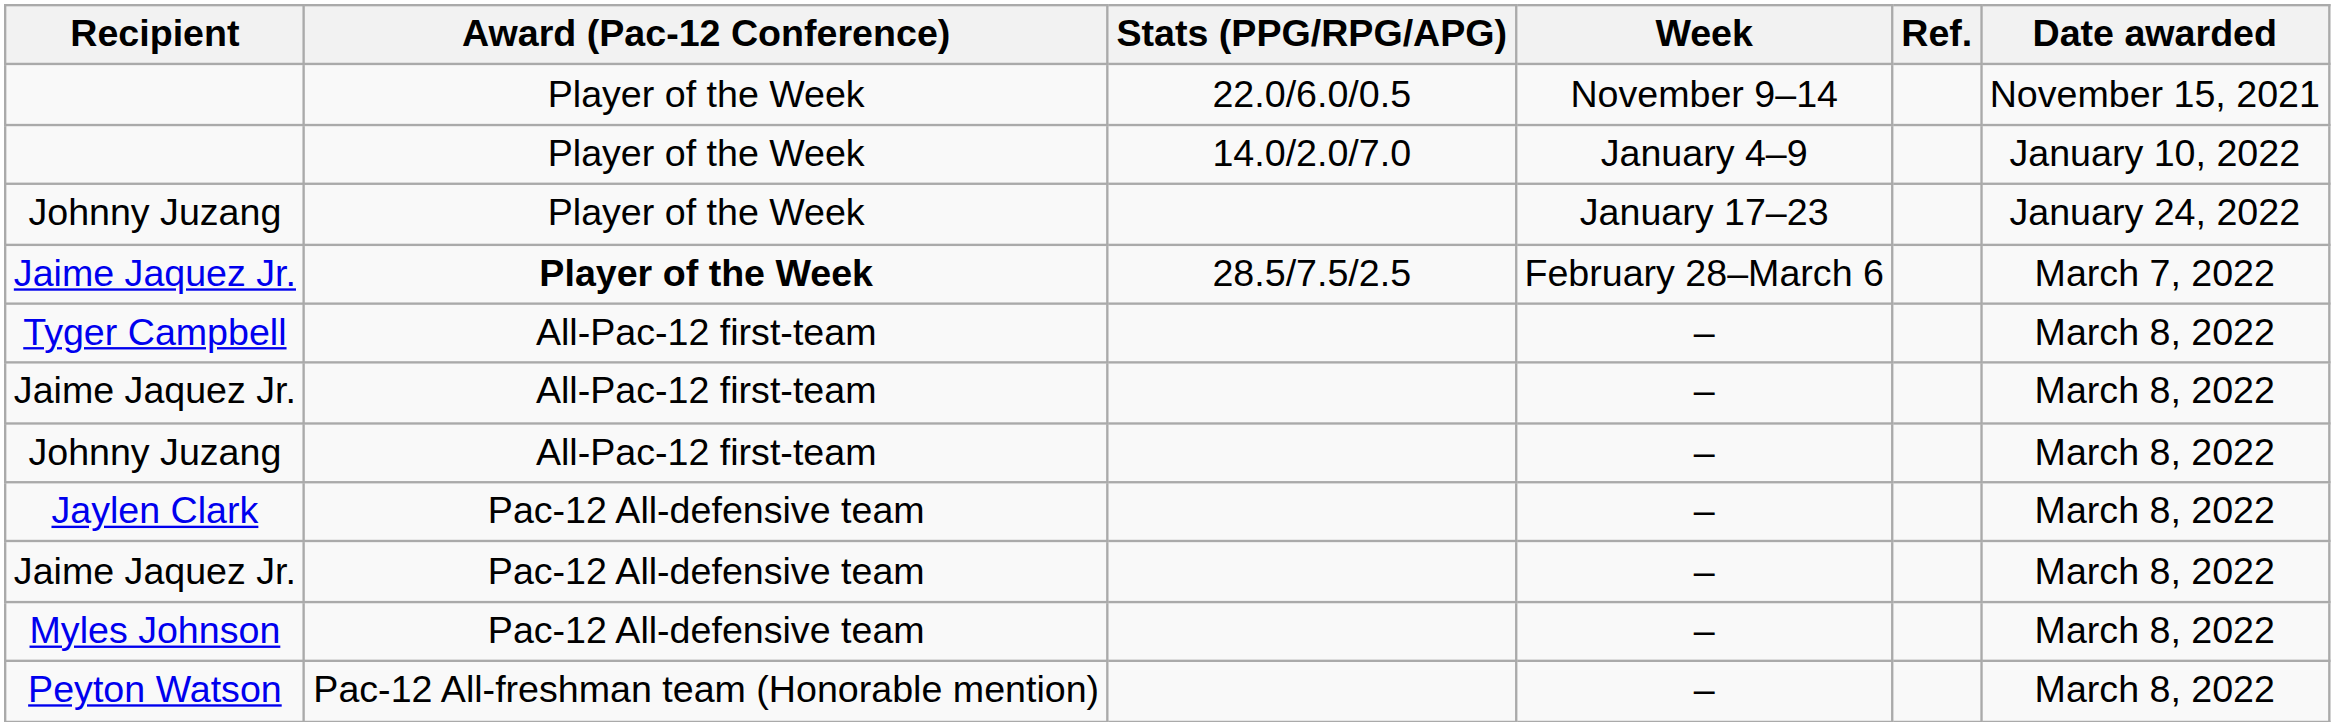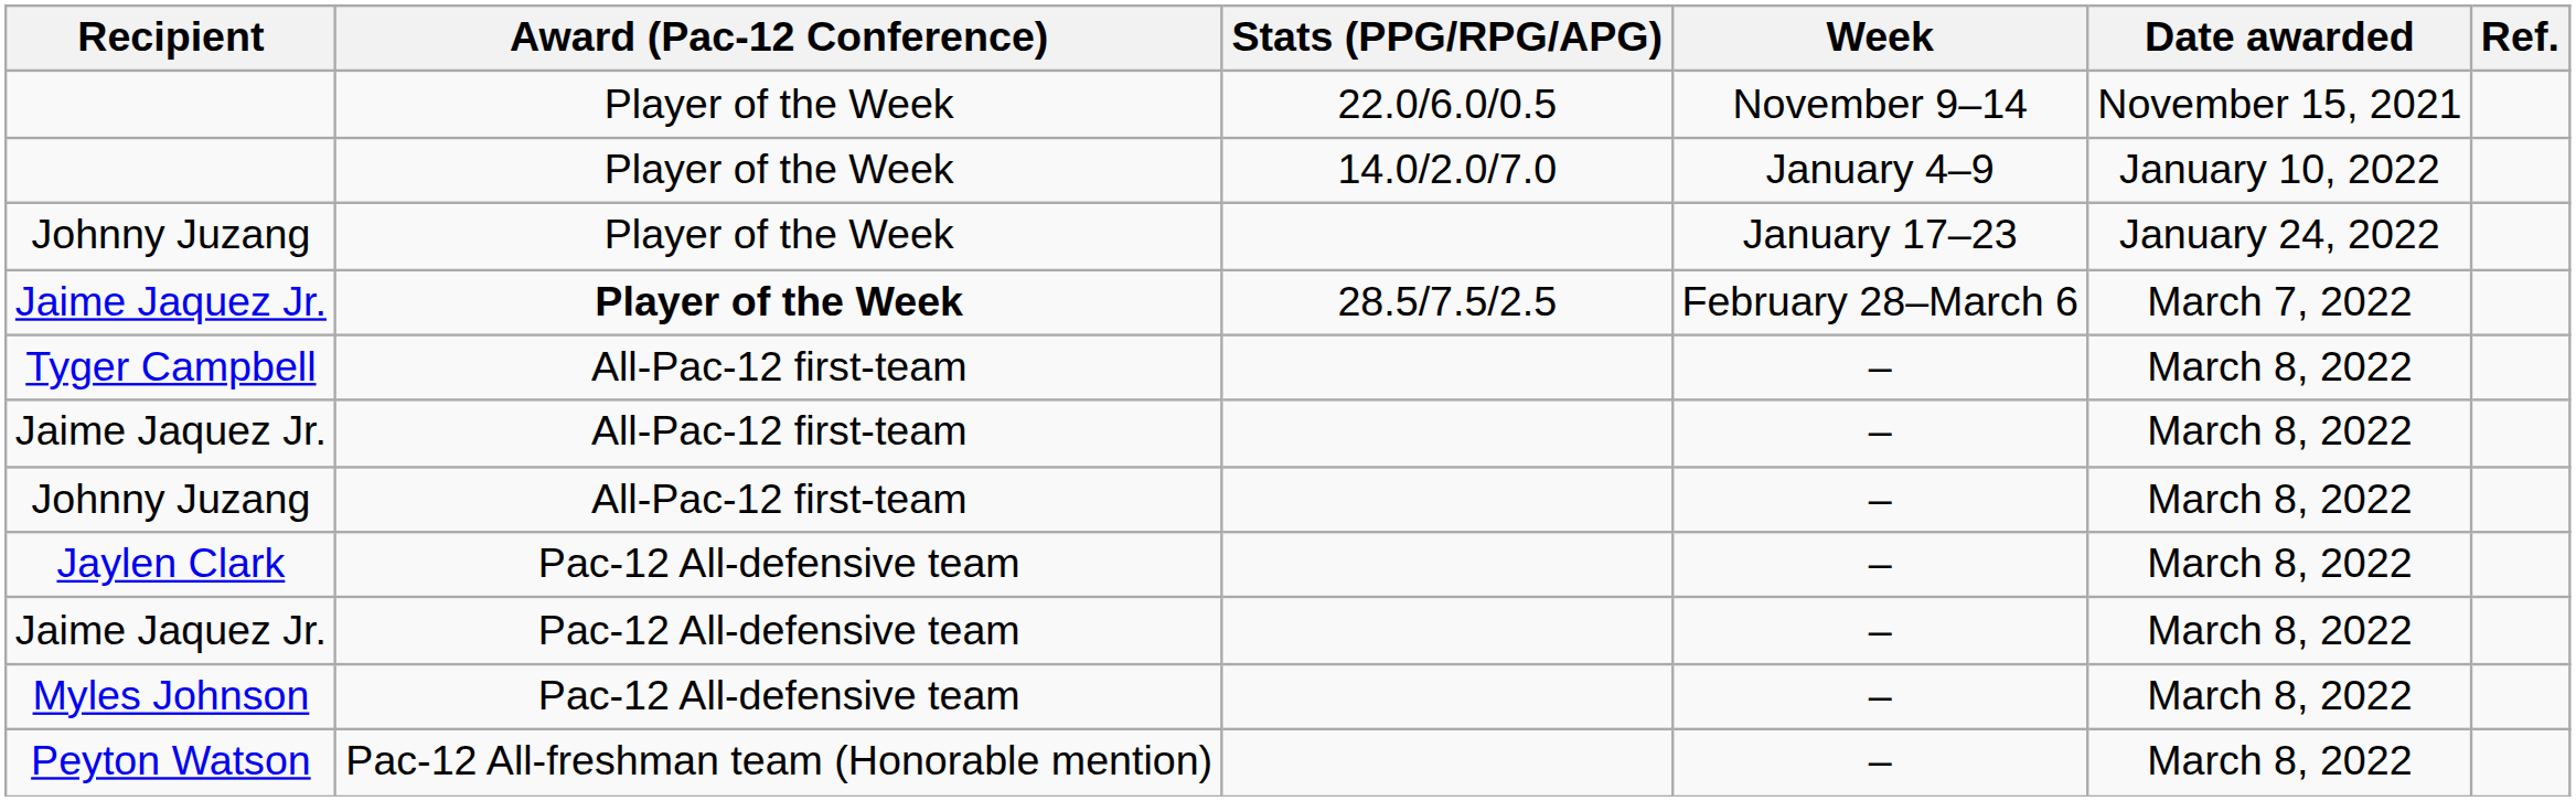 <table class="wikitable sortable" style="text-align:center">
 <tr>
 <th>Recipient</th>
 <th>Award (Pac-12 Conference)</th>
 <th>Stats (PPG/RPG/APG)</th>
 <th>Week</th>
+<th>Date awarded</th>
 <th>Ref.</th>
-<th>Date awarded</th>
 </tr>
 <tr>
 <td></td>
 <td>Player of the Week</td>
 <td>22.0/6.0/0.5</td>
 <td>November 9–14</td>
+<td>November 15, 2021</td>
 <td></td>
-<td>November 15, 2021</td>
 </tr>
 <tr>
 <td></td>
 <td>Player of the Week</td>
 <td>14.0/2.0/7.0</td>
 <td>January 4–9</td>
+<td>January 10, 2022</td>
 <td></td>
-<td>January 10, 2022</td>
 </tr>
 <tr>
 <td>Johnny Juzang</td>
 <td>Player of the Week</td>
 <td></td>
 <td>January 17–23</td>
+<td>January 24, 2022</td>
 <td></td>
-<td>January 24, 2022</td>
 </tr>
 <tr>
 <td><a href='#'>Jaime Jaquez Jr.</a></td>
 <td><strong>Player of the Week</strong></td>
 <td>28.5/7.5/2.5</td>
 <td>February 28–March 6</td>
+<td>March 7, 2022</td>
 <td></td>
-<td>March 7, 2022</td>
 </tr>
 <tr>
 <td><a href='#'>Tyger Campbell</a></td>
 <td>All-Pac-12 first-team</td>
 <td></td>
 <td>–</td>
+<td>March 8, 2022</td>
 <td></td>
-<td>March 8, 2022</td>
 </tr>
 <tr>
 <td>Jaime Jaquez Jr.</td>
 <td>All-Pac-12 first-team</td>
 <td></td>
 <td>–</td>
+<td>March 8, 2022</td>
 <td></td>
-<td>March 8, 2022</td>
 </tr>
 <tr>
 <td>Johnny Juzang</td>
 <td>All-Pac-12 first-team</td>
 <td></td>
 <td>–</td>
+<td>March 8, 2022</td>
 <td></td>
-<td>March 8, 2022</td>
 </tr>
 <tr>
 <td><a href='#'>Jaylen Clark</a></td>
 <td>Pac-12 All-defensive team</td>
 <td></td>
 <td>–</td>
+<td>March 8, 2022</td>
 <td></td>
-<td>March 8, 2022</td>
 </tr>
 <tr>
 <td>Jaime Jaquez Jr.</td>
 <td>Pac-12 All-defensive team</td>
 <td></td>
 <td>–</td>
+<td>March 8, 2022</td>
 <td></td>
-<td>March 8, 2022</td>
 </tr>
 <tr>
 <td><a href='#'>Myles Johnson</a></td>
 <td>Pac-12 All-defensive team</td>
 <td></td>
 <td>–</td>
+<td>March 8, 2022</td>
 <td></td>
-<td>March 8, 2022</td>
 </tr>
 <tr>
 <td><a href='#'>Peyton Watson</a></td>
 <td>Pac-12 All-freshman team (Honorable mention)</td>
 <td></td>
 <td>–</td>
+<td>March 8, 2022</td>
 <td></td>
-<td>March 8, 2022</td>
 </tr>
 </table>
